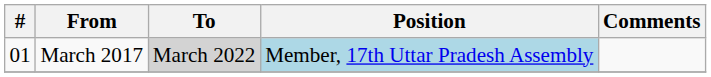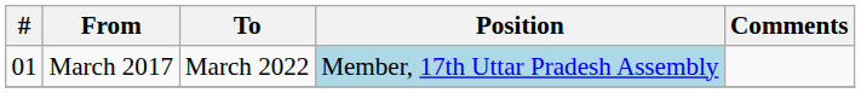 <table class="wikitable sortable">
 <tr>
 <th>#</th>
 <th>From</th>
 <th>To</th>
 <th>Position</th>
 <th>Comments</th>
 </tr>
 <tr>
 <td>01</td>
 <td>March 2017</td>
-<td style="background: lightgrey;">March 2022</td>
+<td>March 2022</td>
 <td style="background: lightblue;">Member, <a href='#'>17th Uttar Pradesh Assembly</a></td>
 <td></td>
 </tr>
 <tr>
 </tr>
 </table>
